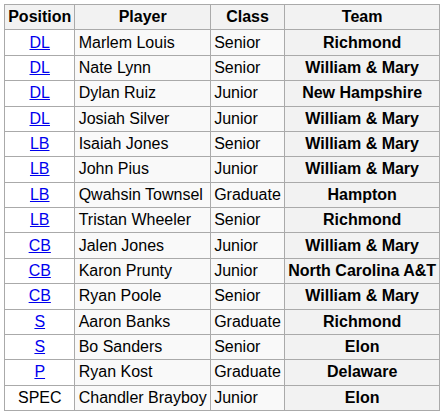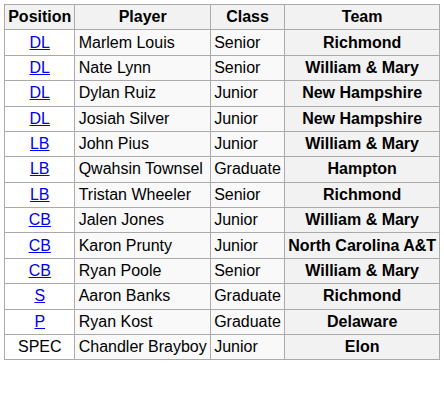 <table class="wikitable sortable" border="1">
 <tr>
 <th>Position</th>
 <th>Player</th>
 <th>Class</th>
 <th>Team</th>
 </tr>
 <tr>
 <td style="text-align:center; background:white"><a href='#'>DL</a></td>
 <td>Marlem Louis</td>
 <td>Senior</td>
 <th>Richmond</th>
 </tr>
 <tr>
 <td style="text-align:center; background:white"><a href='#'>DL</a></td>
 <td>Nate Lynn</td>
 <td>Senior</td>
 <th>William & Mary</th>
 </tr>
 <tr>
 <td style="text-align:center; background:white"><a href='#'>DL</a></td>
 <td>Dylan Ruiz</td>
 <td>Junior</td>
 <th>New Hampshire</th>
 </tr>
 <tr>
 <td style="text-align:center; background:white"><a href='#'>DL</a></td>
 <td>Josiah Silver</td>
 <td>Junior</td>
-<th>William & Mary</th>
-</tr>
-<tr>
-<td style="text-align:center; background:white"><a href='#'>LB</a></td>
-<td>Isaiah Jones</td>
-<td>Senior</td>
-<th>William & Mary</th>
+<th>New Hampshire</th>
 </tr>
 <tr>
 <td style="text-align:center; background:white"><a href='#'>LB</a></td>
 <td>John Pius</td>
 <td>Junior</td>
 <th>William & Mary</th>
 </tr>
 <tr>
 <td style="text-align:center; background:white"><a href='#'>LB</a></td>
 <td>Qwahsin Townsel</td>
 <td>Graduate</td>
 <th>Hampton</th>
 </tr>
 <tr>
 <td style="text-align:center; background:white"><a href='#'>LB</a></td>
 <td>Tristan Wheeler</td>
 <td>Senior</td>
 <th>Richmond</th>
 </tr>
 <tr>
 <td style="text-align:center; background:white"><a href='#'>CB</a></td>
 <td>Jalen Jones</td>
 <td>Junior</td>
 <th>William & Mary</th>
 </tr>
 <tr>
 <td style="text-align:center; background:white"><a href='#'>CB</a></td>
 <td>Karon Prunty</td>
 <td>Junior</td>
 <th>North Carolina A&T</th>
 </tr>
 <tr>
 <td style="text-align:center; background:white"><a href='#'>CB</a></td>
 <td>Ryan Poole</td>
 <td>Senior</td>
 <th>William & Mary</th>
 </tr>
 <tr>
 <td style="text-align:center; background:white"><a href='#'>S</a></td>
 <td>Aaron Banks</td>
 <td>Graduate</td>
 <th>Richmond</th>
 </tr>
 <tr>
-<td style="text-align:center; background:white"><a href='#'>S</a></td>
-<td>Bo Sanders</td>
-<td>Senior</td>
-<th>Elon</th>
-</tr>
-<tr>
 <td style="text-align:center; background:white"><a href='#'>P</a></td>
 <td>Ryan Kost</td>
 <td>Graduate</td>
 <th>Delaware</th>
 </tr>
 <tr>
 <td style="text-align:center; background:white">SPEC</td>
 <td>Chandler Brayboy</td>
 <td>Junior</td>
 <th>Elon</th>
 </tr>
 </table>
